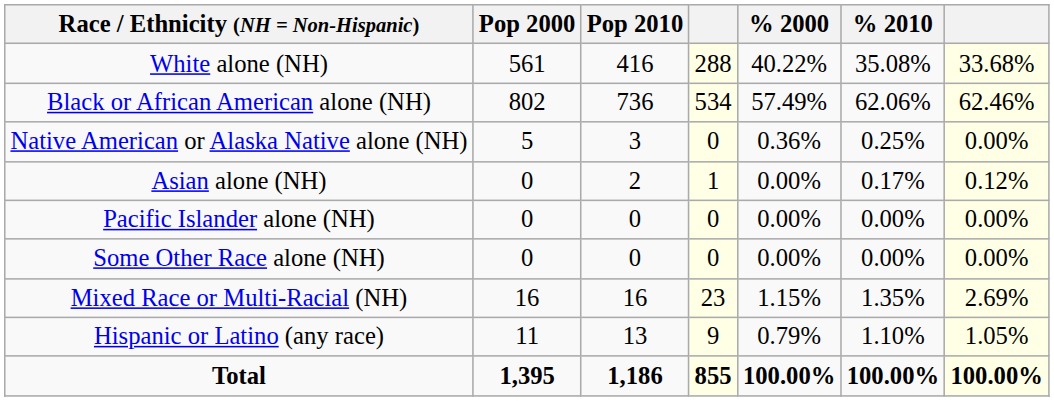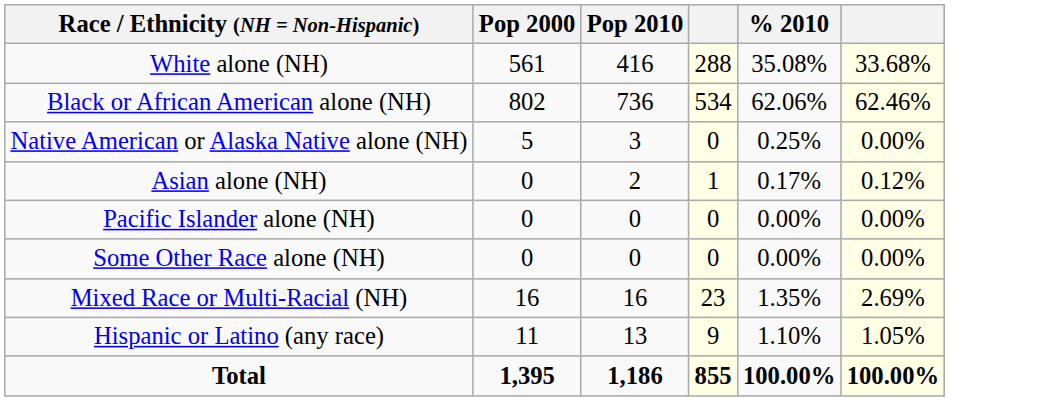 <table class="wikitable" style="text-align:center;">
 <tr>
 <th>Race / Ethnicity <small>(<em>NH = Non-Hispanic</em>)</small></th>
 <th>Pop 2000</th>
 <th>Pop 2010</th>
 <th></th>
-<th>% 2000</th>
 <th>% 2010</th>
 <th></th>
 </tr>
 <tr>
 <td><a href='#'>White</a> alone (NH)</td>
 <td>561</td>
 <td>416</td>
 <td style='background: #ffffe6;'>288</td>
-<td>40.22%</td>
 <td>35.08%</td>
 <td style='background: #ffffe6;'>33.68%</td>
 </tr>
 <tr>
 <td><a href='#'>Black or African American</a> alone (NH)</td>
 <td>802</td>
 <td>736</td>
 <td style='background: #ffffe6;'>534</td>
-<td>57.49%</td>
 <td>62.06%</td>
 <td style='background: #ffffe6;'>62.46%</td>
 </tr>
 <tr>
 <td><a href='#'>Native American</a> or <a href='#'>Alaska Native</a> alone (NH)</td>
 <td>5</td>
 <td>3</td>
 <td style='background: #ffffe6;'>0</td>
-<td>0.36%</td>
 <td>0.25%</td>
 <td style='background: #ffffe6;'>0.00%</td>
 </tr>
 <tr>
 <td><a href='#'>Asian</a> alone (NH)</td>
 <td>0</td>
 <td>2</td>
 <td style='background: #ffffe6;'>1</td>
-<td>0.00%</td>
 <td>0.17%</td>
 <td style='background: #ffffe6;'>0.12%</td>
 </tr>
 <tr>
 <td><a href='#'>Pacific Islander</a> alone (NH)</td>
 <td>0</td>
 <td>0</td>
 <td style='background: #ffffe6;'>0</td>
 <td>0.00%</td>
-<td>0.00%</td>
 <td style='background: #ffffe6;'>0.00%</td>
 </tr>
 <tr>
 <td><a href='#'>Some Other Race</a> alone (NH)</td>
 <td>0</td>
 <td>0</td>
 <td style='background: #ffffe6;'>0</td>
 <td>0.00%</td>
-<td>0.00%</td>
 <td style='background: #ffffe6;'>0.00%</td>
 </tr>
 <tr>
 <td><a href='#'>Mixed Race or Multi-Racial</a> (NH)</td>
 <td>16</td>
 <td>16</td>
 <td style='background: #ffffe6;'>23</td>
-<td>1.15%</td>
 <td>1.35%</td>
 <td style='background: #ffffe6;'>2.69%</td>
 </tr>
 <tr>
 <td><a href='#'>Hispanic or Latino</a> (any race)</td>
 <td>11</td>
 <td>13</td>
 <td style='background: #ffffe6;'>9</td>
-<td>0.79%</td>
 <td>1.10%</td>
 <td style='background: #ffffe6;'>1.05%</td>
 </tr>
 <tr>
 <td><strong>Total</strong></td>
 <td><strong>1,395</strong></td>
 <td><strong>1,186</strong></td>
 <td style='background: #ffffe6;'><strong>855</strong></td>
 <td><strong>100.00%</strong></td>
-<td><strong>100.00%</strong></td>
 <td style='background: #ffffe6;'><strong>100.00%</strong></td>
 </tr>
 </table>
